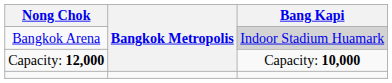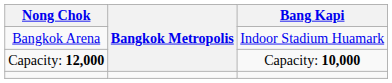 <table class="wikitable" style="text-align:center;margin:1em auto;">
 <tr>
 <th><a href='#'>Nong Chok</a></th>
 <th rowspan=3><a href='#'>Bangkok Metropolis</a></th>
 <th><a href='#'>Bang Kapi</a></th>
 </tr>
 <tr>
 <td><a href='#'>Bangkok Arena</a></td>
-<td style="background: lightgrey;"><a href='#'>Indoor Stadium Huamark</a></td>
+<td><a href='#'>Indoor Stadium Huamark</a></td>
 </tr>
 <tr>
 <td>Capacity: <strong>12,000</strong></td>
 <td>Capacity: <strong>10,000</strong></td>
 </tr>
 <tr>
 <td></td>
 <td></td>
 <td></td>
 </tr>
 </table>
